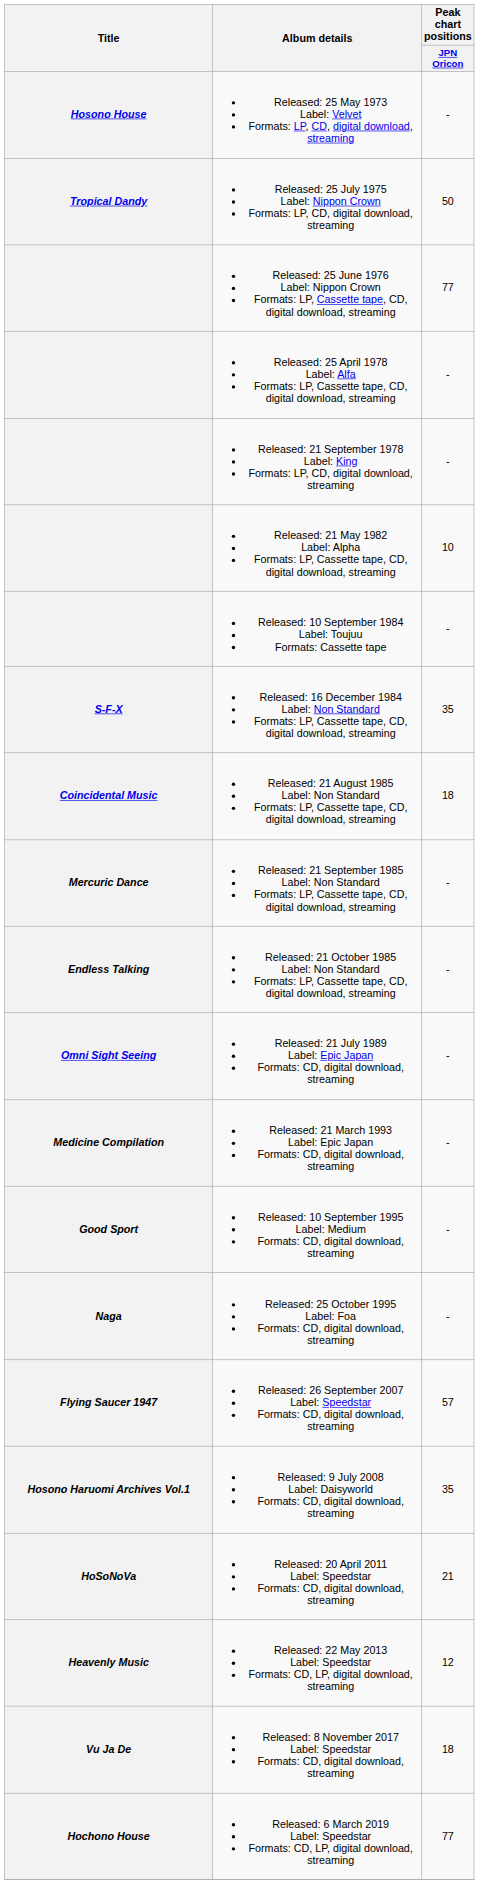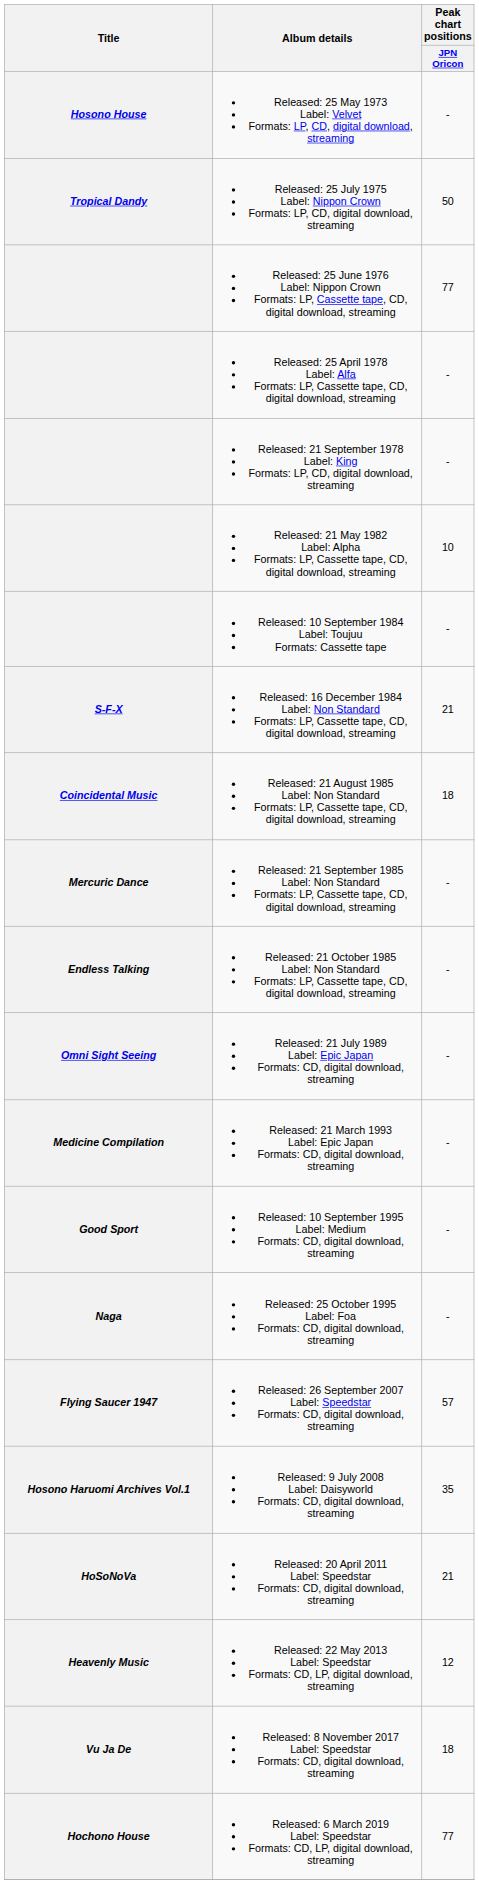 <table class="wikitable plainrowheaders" style="text-align:center;">
 <tr>
 <th scope="col" rowspan="2" style="width:19em;">Title</th>
 <th scope="col" rowspan="2" style="width:19em;">Album details</th>
 <th scope="col">Peak chart positions</th>
 </tr>
 <tr>
 <th scope="col" style="width:2.9em;font-size:90%;"><a href='#'>JPN<br>Oricon</a><br></th>
 </tr>
 <tr>
 <th scope="row"><em><a href='#'>Hosono House</a></em></th>
 <td><br><ul><li>Released: 25 May 1973</li><li>Label: <a href='#'>Velvet</a></li><li>Formats: <a href='#'>LP</a>, <a href='#'>CD</a>, <a href='#'>digital download</a>, <a href='#'>streaming</a></li></ul></td>
 <td>-</td>
 </tr>
 <tr>
 <th scope="row"><em><a href='#'>Tropical Dandy</a></em></th>
 <td><br><ul><li>Released: 25 July 1975</li><li>Label: <a href='#'>Nippon Crown</a></li><li>Formats: LP, CD, digital download, streaming</li></ul></td>
 <td>50</td>
 </tr>
 <tr>
 <th scope="row"></th>
 <td><br><ul><li>Released: 25 June 1976</li><li>Label: Nippon Crown</li><li>Formats: LP, <a href='#'>Cassette tape</a>, CD, digital download, streaming</li></ul></td>
 <td>77</td>
 </tr>
 <tr>
 <th scope="row"></th>
 <td><br><ul><li>Released: 25 April 1978</li><li>Label: <a href='#'>Alfa</a></li><li>Formats: LP, Cassette tape, CD, digital download, streaming</li></ul></td>
 <td>-</td>
 </tr>
 <tr>
 <th scope="row"></th>
 <td><br><ul><li>Released: 21 September 1978</li><li>Label: <a href='#'>King</a></li><li>Formats: LP, CD, digital download, streaming</li></ul></td>
 <td>-</td>
 </tr>
 <tr>
 <th scope="row"></th>
 <td><br><ul><li>Released: 21 May 1982</li><li>Label: Alpha</li><li>Formats: LP, Cassette tape, CD, digital download, streaming</li></ul></td>
 <td>10</td>
 </tr>
 <tr>
 <th scope="row"></th>
 <td><br><ul><li>Released: 10 September 1984</li><li>Label: Toujuu</li><li>Formats: Cassette tape</li></ul></td>
 <td>-</td>
 </tr>
 <tr>
 <th scope="row"><em><a href='#'>S-F-X</a></em></th>
 <td><br><ul><li>Released: 16 December 1984</li><li>Label: <a href='#'>Non Standard</a></li><li>Formats: LP, Cassette tape, CD, digital download, streaming</li></ul></td>
-<td>35</td>
+<td>21</td>
 </tr>
 <tr>
 <th scope="row"><em><a href='#'>Coincidental Music</a></em></th>
 <td><br><ul><li>Released: 21 August 1985</li><li>Label: Non Standard</li><li>Formats: LP, Cassette tape, CD, digital download, streaming</li></ul></td>
 <td>18</td>
 </tr>
 <tr>
 <th scope="row"><em>Mercuric Dance</em></th>
 <td><br><ul><li>Released: 21 September 1985</li><li>Label: Non Standard</li><li>Formats: LP, Cassette tape, CD, digital download, streaming</li></ul></td>
 <td>-</td>
 </tr>
 <tr>
 <th scope="row"><em>Endless Talking</em></th>
 <td><br><ul><li>Released: 21 October 1985</li><li>Label: Non Standard</li><li>Formats: LP, Cassette tape, CD, digital download, streaming</li></ul></td>
 <td>-</td>
 </tr>
 <tr>
 <th scope="row"><em><a href='#'>Omni Sight Seeing</a></em></th>
 <td><br><ul><li>Released: 21 July 1989</li><li>Label: <a href='#'>Epic Japan</a></li><li>Formats: CD, digital download, streaming</li></ul></td>
 <td>-</td>
 </tr>
 <tr>
 <th scope="row"><em>Medicine Compilation</em></th>
 <td><br><ul><li>Released: 21 March 1993</li><li>Label: Epic Japan</li><li>Formats: CD, digital download, streaming</li></ul></td>
 <td>-</td>
 </tr>
 <tr>
 <th scope="row"><em>Good Sport</em></th>
 <td><br><ul><li>Released: 10 September 1995</li><li>Label: Medium</li><li>Formats: CD, digital download, streaming</li></ul></td>
 <td>-</td>
 </tr>
 <tr>
 <th scope="row"><em>Naga</em></th>
 <td><br><ul><li>Released: 25 October 1995</li><li>Label: Foa</li><li>Formats: CD, digital download, streaming</li></ul></td>
 <td>-</td>
 </tr>
 <tr>
 <th scope="row"><em>Flying Saucer 1947</em></th>
 <td><br><ul><li>Released: 26 September 2007</li><li>Label: <a href='#'>Speedstar</a></li><li>Formats: CD, digital download, streaming</li></ul></td>
 <td>57</td>
 </tr>
 <tr>
 <th scope="row"><em>Hosono Haruomi Archives Vol.1</em></th>
 <td><br><ul><li>Released: 9 July 2008</li><li>Label: Daisyworld</li><li>Formats: CD, digital download, streaming</li></ul></td>
 <td>35</td>
 </tr>
 <tr>
 <th scope="row"><em>HoSoNoVa</em></th>
 <td><br><ul><li>Released: 20 April 2011</li><li>Label: Speedstar</li><li>Formats: CD, digital download, streaming</li></ul></td>
 <td>21</td>
 </tr>
 <tr>
 <th scope="row"><em>Heavenly Music</em></th>
 <td><br><ul><li>Released: 22 May 2013</li><li>Label: Speedstar</li><li>Formats: CD, LP, digital download, streaming</li></ul></td>
 <td>12</td>
 </tr>
 <tr>
 <th scope="row"><em>Vu Ja De</em></th>
 <td><br><ul><li>Released: 8 November 2017</li><li>Label: Speedstar</li><li>Formats: CD, digital download, streaming</li></ul></td>
 <td>18</td>
 </tr>
 <tr>
 <th scope="row"><em>Hochono House</em></th>
 <td><br><ul><li>Released: 6 March 2019</li><li>Label: Speedstar</li><li>Formats: CD, LP, digital download, streaming</li></ul></td>
 <td>77</td>
 </tr>
 <tr>
 </tr>
 </table>
